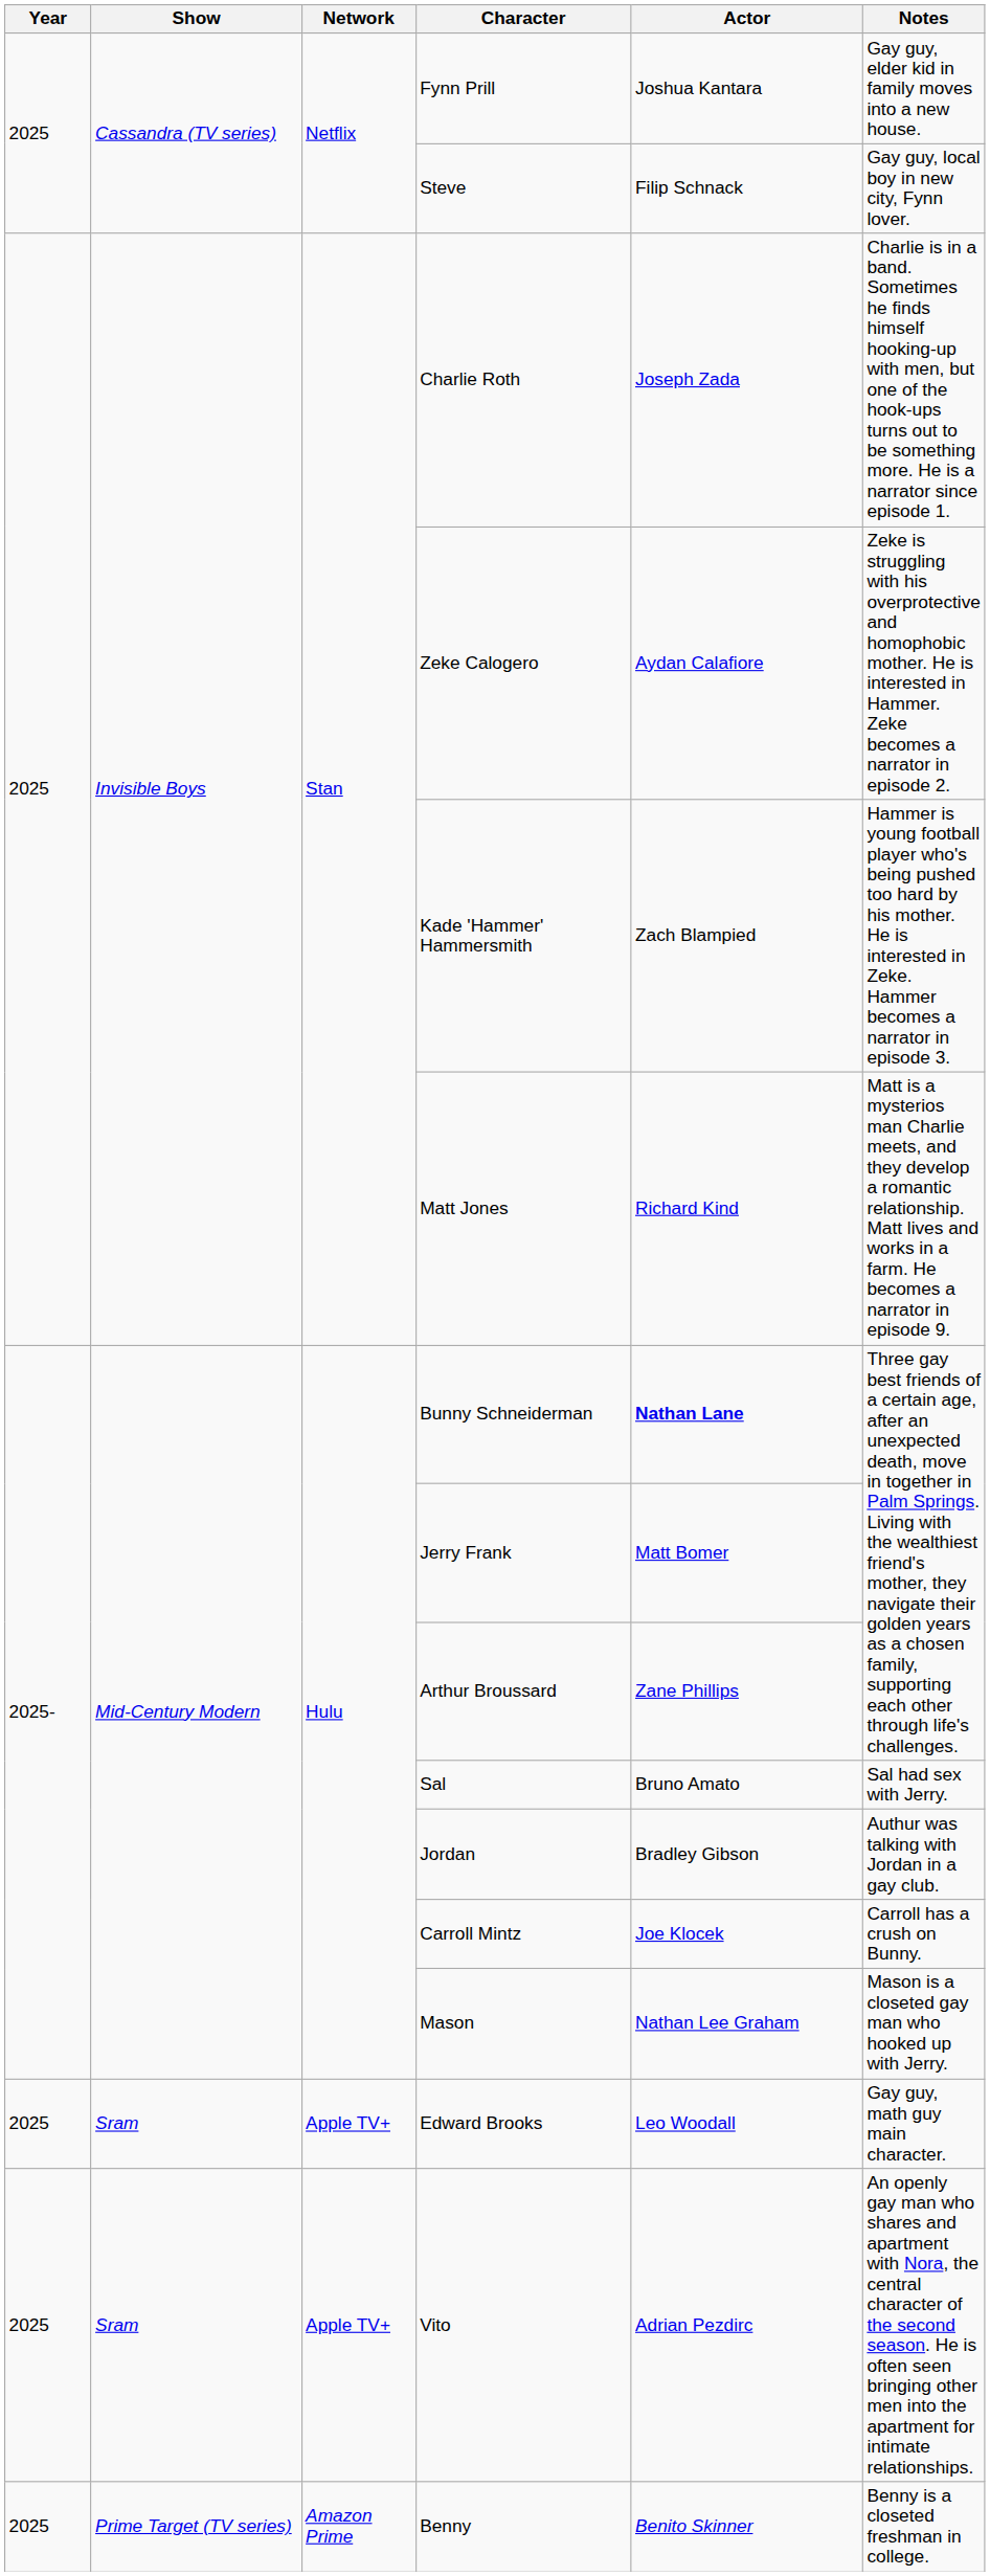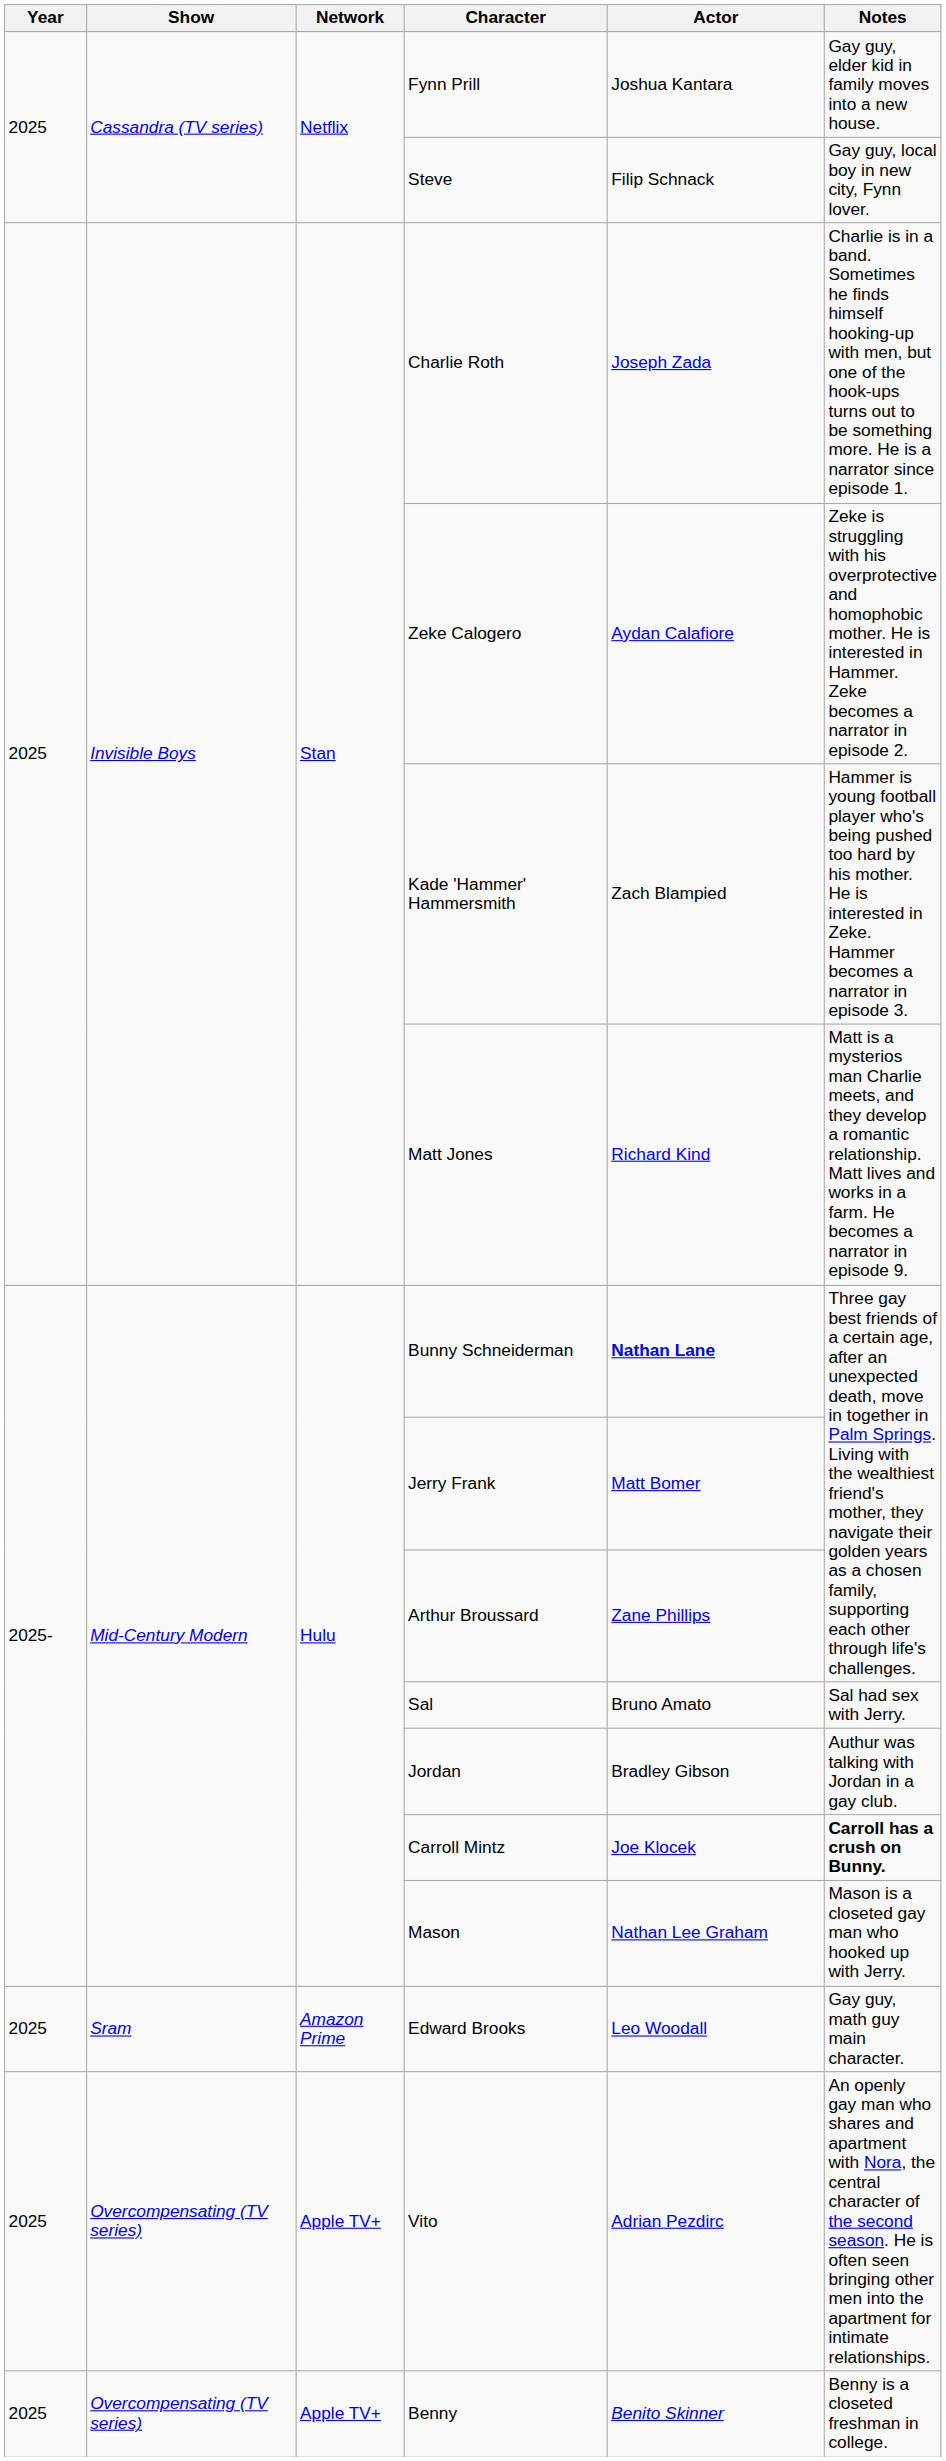 <table class="wikitable sortable" style="margins:auto; width=100%;">
 <tr>
 <th style="width:75px;">Year</th>
 <th style="width:200px;">Show</th>
 <th style="width:100px;">Network</th>
 <th style="width:200px;">Character</th>
 <th style="width:225px;">Actor</th>
 <th>Notes</th>
 </tr>
 <tr>
 <td rowspan="2">2025</td>
 <td rowspan="2"><em><a href='#'>Cassandra (TV series)</a></em></td>
 <td rowspan="2"><a href='#'>Netflix</a></td>
 <td>Fynn Prill</td>
 <td>Joshua Kantara</td>
 <td>Gay guy, elder kid in family moves into a new house.</td>
 </tr>
 <tr>
 <td>Steve</td>
 <td>Filip Schnack</td>
 <td>Gay guy, local boy in new city, Fynn lover.</td>
 </tr>
 <tr>
 <td rowspan="4">2025</td>
 <td rowspan="4"><em><a href='#'>Invisible Boys</a></em></td>
 <td rowspan="4"><a href='#'>Stan</a></td>
 <td>Charlie Roth</td>
 <td><a href='#'>Joseph Zada</a></td>
 <td>Charlie is in a band. Sometimes he finds himself hooking-up with men, but one of the hook-ups turns out to be something more. He is a narrator since episode 1.</td>
 </tr>
 <tr>
 <td>Zeke Calogero</td>
 <td><a href='#'>Aydan Calafiore</a></td>
 <td>Zeke is struggling with his overprotective and homophobic mother. He is interested in Hammer. Zeke becomes a narrator in episode 2.</td>
 </tr>
 <tr>
 <td>Kade 'Hammer' Hammersmith</td>
 <td>Zach Blampied</td>
 <td>Hammer is young football player who's being pushed too hard by his mother. He is interested in Zeke. Hammer becomes a narrator in episode 3.</td>
 </tr>
 <tr>
 <td>Matt Jones</td>
 <td><a href='#'>Richard Kind</a></td>
 <td>Matt is a mysterios man Charlie meets, and they develop a romantic relationship. Matt lives and works in a farm. He becomes a narrator in episode 9.</td>
 </tr>
 <tr>
 <td rowspan="7">2025-</td>
 <td rowspan="7"><em><a href='#'>Mid-Century Modern</a></em></td>
 <td rowspan="7"><a href='#'>Hulu</a></td>
 <td>Bunny Schneiderman</td>
 <td><strong><a href='#'>Nathan Lane</a></strong></td>
 <td rowspan="3">Three gay best friends of a certain age, after an unexpected death, move in together in <a href='#'>Palm Springs</a>. Living with the wealthiest friend's mother, they navigate their golden years as a chosen family, supporting each other through life's challenges.</td>
 </tr>
 <tr>
 <td>Jerry Frank</td>
 <td><a href='#'>Matt Bomer</a></td>
 </tr>
 <tr>
 <td>Arthur Broussard</td>
 <td><a href='#'>Zane Phillips</a></td>
 </tr>
 <tr>
 <td>Sal</td>
 <td>Bruno Amato</td>
 <td>Sal had sex with Jerry.</td>
 </tr>
 <tr>
 <td>Jordan</td>
 <td>Bradley Gibson</td>
 <td>Authur was talking with Jordan in a gay club.</td>
 </tr>
 <tr>
 <td>Carroll Mintz</td>
 <td><a href='#'>Joe Klocek</a></td>
-<td>Carroll has a crush on Bunny.</td>
+<td><strong>Carroll has a crush on Bunny.</strong></td>
 </tr>
 <tr>
 <td>Mason</td>
 <td><a href='#'>Nathan Lee Graham</a></td>
 <td>Mason is a closeted gay man who hooked up with Jerry.</td>
 </tr>
 <tr>
 <td>2025</td>
 <td><em><a href='#'>Sram</a></em></td>
-<td><a href='#'>Apple TV+</a></td>
+<td><em><a href='#'>Amazon Prime</a></em></td>
 <td>Edward Brooks</td>
 <td><a href='#'>Leo Woodall</a></td>
 <td>Gay guy, math guy main character.</td>
 </tr>
 <tr>
 <td>2025</td>
-<td><em><a href='#'>Sram</a></em></td>
+<td><em><a href='#'>Overcompensating (TV series)</a></em></td>
 <td><a href='#'>Apple TV+</a></td>
 <td>Vito</td>
 <td><a href='#'>Adrian Pezdirc</a></td>
 <td>An openly gay man who shares and apartment with <a href='#'>Nora</a>, the central character of <a href='#'>the second season</a>. He is often seen bringing other men into the apartment for intimate relationships.</td>
 </tr>
 <tr>
 <td>2025</td>
-<td><em><a href='#'>Prime Target (TV series)</a></em></td>
-<td><em><a href='#'>Amazon Prime</a></em></td>
+<td><em><a href='#'>Overcompensating (TV series)</a></em></td>
+<td><a href='#'>Apple TV+</a></td>
 <td>Benny</td>
 <td><em><a href='#'>Benito Skinner</a></em></td>
 <td>Benny is a closeted freshman in college.</td>
 </tr>
 </table>
